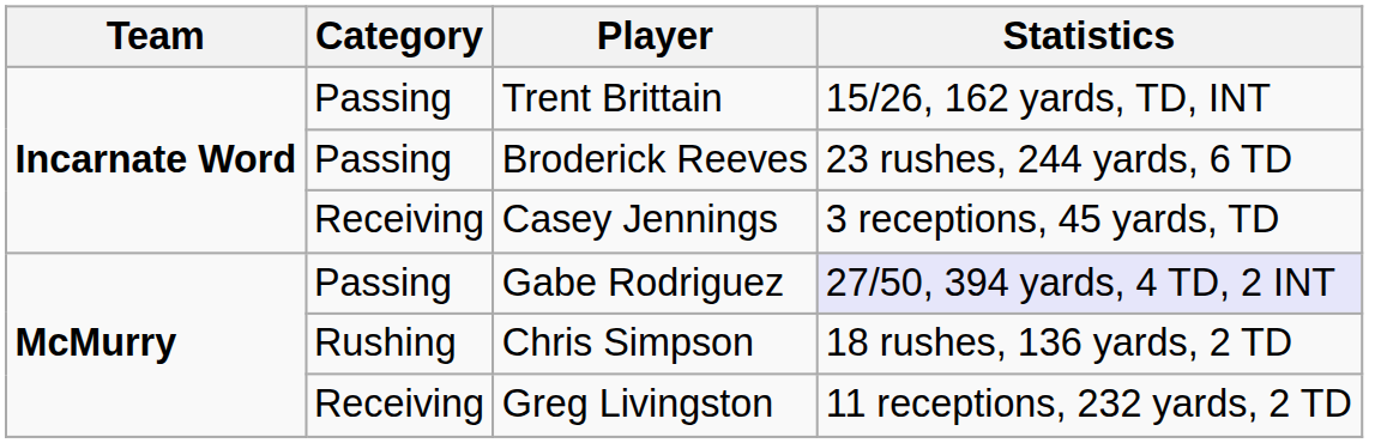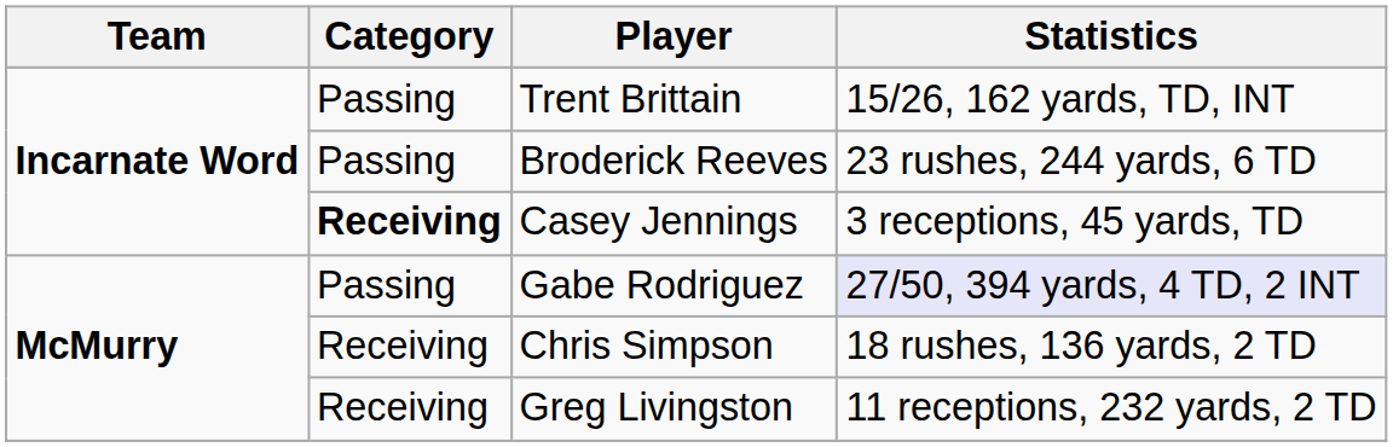 <table class="wikitable" style="float: left;">
 <tr>
 <th>Team</th>
 <th>Category</th>
 <th>Player</th>
 <th>Statistics</th>
 </tr>
 <tr>
 <td rowspan=3><strong>Incarnate Word</strong></td>
 <td>Passing</td>
 <td>Trent Brittain</td>
 <td>15/26, 162 yards, TD, INT</td>
 </tr>
 <tr>
 <td>Passing</td>
 <td>Broderick Reeves</td>
 <td>23 rushes, 244 yards, 6 TD</td>
 </tr>
 <tr>
-<td>Receiving</td>
+<td><strong>Receiving</strong></td>
 <td>Casey Jennings</td>
 <td>3 receptions, 45 yards, TD</td>
 </tr>
 <tr>
 <td rowspan=3><strong>McMurry</strong></td>
 <td>Passing</td>
 <td>Gabe Rodriguez</td>
 <td style="background: lavender;">27/50, 394 yards, 4 TD, 2 INT</td>
 </tr>
 <tr>
-<td>Rushing</td>
+<td>Receiving</td>
 <td>Chris Simpson</td>
 <td>18 rushes, 136 yards, 2 TD</td>
 </tr>
 <tr>
 <td>Receiving</td>
 <td>Greg Livingston</td>
 <td>11 receptions, 232 yards, 2 TD</td>
 </tr>
 </table>
